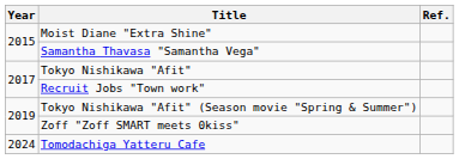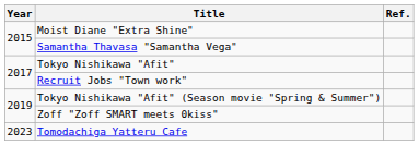 <table class="wikitable">
 <tr>
 <th>Year</th>
 <th>Title</th>
 <th>Ref.</th>
 </tr>
 <tr>
 <td rowspan="2">2015</td>
 <td>Moist Diane "Extra Shine"</td>
 <td></td>
 </tr>
 <tr>
 <td><a href='#'>Samantha Thavasa</a> "Samantha Vega"</td>
 <td></td>
 </tr>
 <tr>
 <td rowspan="2">2017</td>
 <td>Tokyo Nishikawa "Afit"</td>
 <td></td>
 </tr>
 <tr>
 <td><a href='#'>Recruit</a> Jobs "Town work"</td>
 <td></td>
 </tr>
 <tr>
 <td rowspan="2">2019</td>
 <td>Tokyo Nishikawa "Afit" (Season movie "Spring & Summer")</td>
 <td></td>
 </tr>
 <tr>
 <td>Zoff "Zoff SMART meets 0kiss"</td>
 <td></td>
 </tr>
 <tr>
-<td>2024</td>
+<td>2023</td>
 <td><a href='#'>Tomodachiga Yatteru Cafe</a></td>
 <td></td>
 </tr>
 </table>
